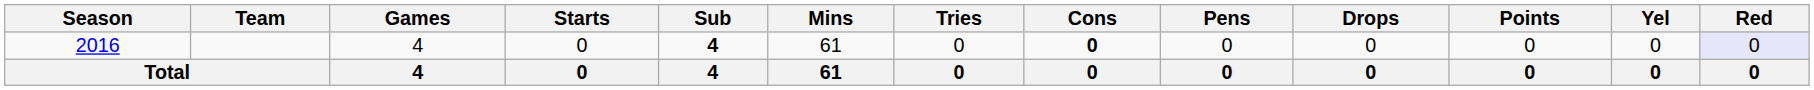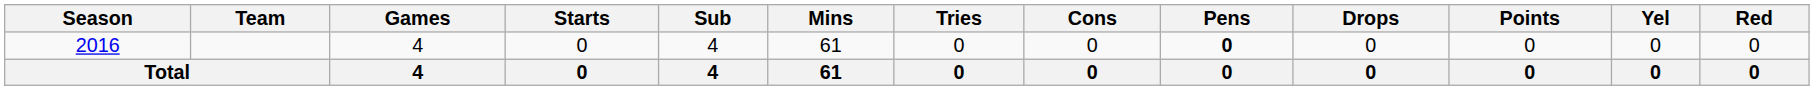 <table class="wikitable" style="text-align:center; line-height:90%; font-size:95%; width:70%;">
 <tr>
 <th>Season</th>
 <th>Team</th>
 <th>Games</th>
 <th>Starts</th>
 <th>Sub</th>
 <th>Mins</th>
 <th>Tries</th>
 <th>Cons</th>
 <th>Pens</th>
 <th>Drops</th>
 <th>Points</th>
 <th>Yel</th>
 <th>Red</th>
 </tr>
 <tr>
 <td><a href='#'>2016</a></td>
 <td></td>
 <td>4</td>
 <td>0</td>
-<td><strong>4</strong></td>
+<td>4</td>
 <td>61</td>
+<td>0</td>
 <td>0</td>
 <td><strong>0</strong></td>
 <td>0</td>
 <td>0</td>
 <td>0</td>
 <td>0</td>
-<td style="background: lavender;">0</td>
 </tr>
 <tr>
 <th colspan="2">Total</th>
 <th>4</th>
 <th>0</th>
 <th>4</th>
 <th>61</th>
 <th>0</th>
 <th>0</th>
 <th>0</th>
 <th>0</th>
 <th>0</th>
 <th>0</th>
 <th>0</th>
 </tr>
 </table>
